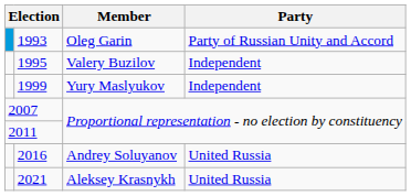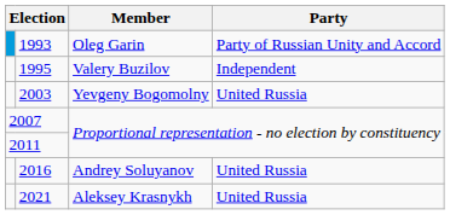 <table class="wikitable">
 <tr>
 <th colspan="2">Election</th>
 <th>Member</th>
 <th>Party</th>
 </tr>
 <tr>
 <td style="background-color:#019CDC"></td>
 <td><a href='#'>1993</a></td>
 <td><a href='#'>Oleg Garin</a></td>
 <td><a href='#'>Party of Russian Unity and Accord</a></td>
 </tr>
 <tr>
 <td style="background-color:"></td>
 <td><a href='#'>1995</a></td>
 <td><a href='#'>Valery Buzilov</a></td>
 <td><a href='#'>Independent</a></td>
 </tr>
 <tr>
 <td style="background-color:"></td>
-<td><a href='#'>1999</a></td>
-<td><a href='#'>Yury Maslyukov</a></td>
-<td><a href='#'>Independent</a></td>
+<td><a href='#'>2003</a></td>
+<td><a href='#'>Yevgeny Bogomolny</a></td>
+<td><a href='#'>United Russia</a></td>
 </tr>
 <tr>
 <td colspan=2><a href='#'>2007</a></td>
 <td colspan=2 rowspan=2><em><a href='#'>Proportional representation</a> - no election by constituency</em></td>
 </tr>
 <tr>
 <td colspan=2><a href='#'>2011</a></td>
 </tr>
 <tr>
 <td style="background-color: "></td>
 <td><a href='#'>2016</a></td>
 <td><a href='#'>Andrey Soluyanov</a></td>
 <td><a href='#'>United Russia</a></td>
 </tr>
 <tr>
 <td style="background-color: "></td>
 <td><a href='#'>2021</a></td>
 <td><a href='#'>Aleksey Krasnykh</a></td>
 <td><a href='#'>United Russia</a></td>
 </tr>
 </table>
